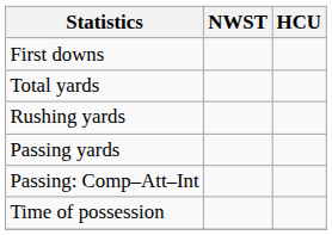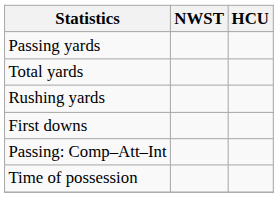 <table class="wikitable" style="float: left;">
 <tr>
 <th>Statistics</th>
 <th>NWST</th>
 <th>HCU</th>
 </tr>
 <tr>
-<td>First downs</td>
+<td>Passing yards</td>
 <td></td>
 <td></td>
 </tr>
 <tr>
 <td>Total yards</td>
 <td></td>
 <td></td>
 </tr>
 <tr>
 <td>Rushing yards</td>
 <td></td>
 <td></td>
 </tr>
 <tr>
-<td>Passing yards</td>
+<td>First downs</td>
 <td></td>
 <td></td>
 </tr>
 <tr>
 <td>Passing: Comp–Att–Int</td>
 <td></td>
 <td></td>
 </tr>
 <tr>
 <td>Time of possession</td>
 <td></td>
 <td></td>
 </tr>
 <tr>
 </tr>
 </table>
